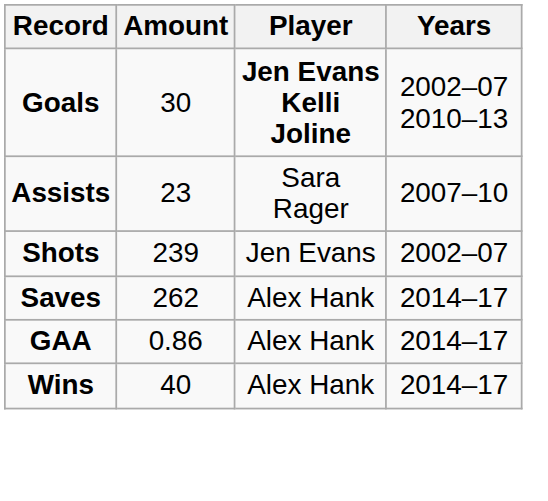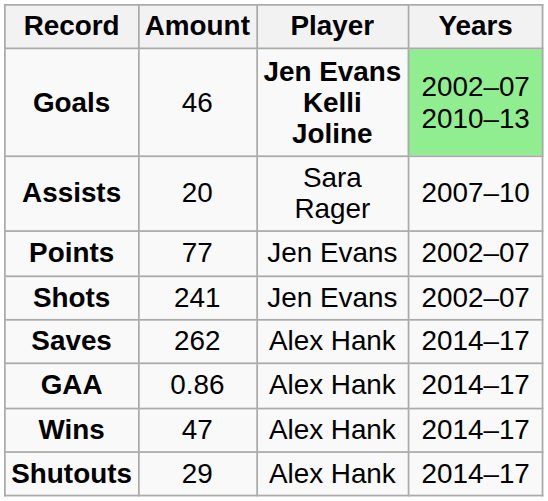 <table class="wikitable">
 <tr>
 <th style="width:40px; ">Record</th>
 <th style="width:50px; ">Amount</th>
 <th style="width:80px; ">Player</th>
 <th style="width:70px; ">Years</th>
 </tr>
 <tr style="text-align:center;">
 <td><strong>Goals</strong></td>
-<td>30</td>
+<td>46</td>
 <td><strong>Jen Evans<br>Kelli Joline</strong></td>
-<td>2002–07<br>2010–13</td>
+<td style="background: lightgreen;">2002–07<br>2010–13</td>
 </tr>
 <tr style="text-align:center;">
 <td><strong>Assists</strong></td>
-<td>23</td>
+<td>20</td>
 <td>Sara Rager</td>
 <td>2007–10</td>
 </tr>
 <tr style="text-align:center;">
+<td><strong>Points</strong></td>
+<td>77</td>
+<td>Jen Evans</td>
+<td>2002–07</td>
+</tr>
+<tr style="text-align:center;">
 <td><strong>Shots</strong></td>
-<td>239</td>
+<td>241</td>
 <td>Jen Evans</td>
 <td>2002–07</td>
 </tr>
 <tr style="text-align:center;">
 <td><strong>Saves</strong></td>
 <td>262</td>
 <td>Alex Hank</td>
 <td>2014–17</td>
 </tr>
 <tr style="text-align:center;">
 <td><strong>GAA</strong></td>
 <td>0.86</td>
 <td>Alex Hank</td>
 <td>2014–17</td>
 </tr>
 <tr style="text-align:center;">
 <td><strong>Wins</strong></td>
-<td>40</td>
+<td>47</td>
+<td>Alex Hank</td>
+<td>2014–17</td>
+</tr>
+<tr style="text-align:center;">
+<td><strong>Shutouts</strong></td>
+<td>29</td>
 <td>Alex Hank</td>
 <td>2014–17</td>
 </tr>
 </table>
